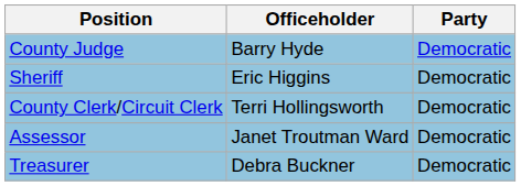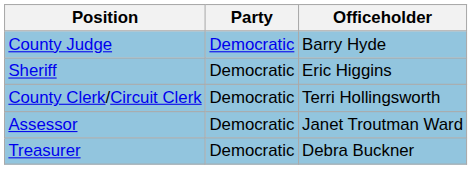 <table class="wikitable mw-collapsible">
 <tr>
 <th>Position</th>
+<th>Party</th>
 <th>Officeholder</th>
-<th>Party</th>
 </tr>
 <tr style="background-color: #92C5DE;">
 <td><a href='#'>County Judge</a></td>
+<td><a href='#'>Democratic</a></td>
 <td>Barry Hyde</td>
-<td><a href='#'>Democratic</a></td>
 </tr>
 <tr style="background-color: #92C5DE;">
 <td><a href='#'>Sheriff</a></td>
+<td>Democratic</td>
 <td>Eric Higgins</td>
-<td>Democratic</td>
 </tr>
 <tr style="background-color: #92C5DE;">
 <td><a href='#'>County Clerk</a>/<a href='#'>Circuit Clerk</a></td>
+<td>Democratic</td>
 <td>Terri Hollingsworth</td>
-<td>Democratic</td>
 </tr>
 <tr style="background-color: #92C5DE;">
 <td><a href='#'>Assessor</a></td>
+<td>Democratic</td>
 <td>Janet Troutman Ward</td>
-<td>Democratic</td>
 </tr>
 <tr style="background-color: #92C5DE;">
 <td><a href='#'>Treasurer</a></td>
+<td>Democratic</td>
 <td>Debra Buckner</td>
-<td>Democratic</td>
 </tr>
 </table>
